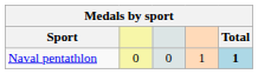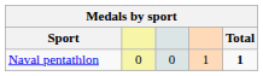 <table class="wikitable" style="font-size:90%; text-align:center;">
 <tr>
 <th colspan="5">Medals by sport</th>
 </tr>
 <tr>
 <th width="120">Sport</th>
 <th scope="col" width="30" style="background:#F7F6A8;"></th>
 <th scope="col" width="30" style="background:#DCE5E5;"></th>
 <th scope="col" width="30" style="background:#FFDAB9;"></th>
 <th width="30">Total</th>
 </tr>
 <tr>
 <td align="left"><a href='#'>Naval pentathlon</a></td>
 <td style="background:#F7F6A8;">0</td>
 <td style="background:#DCE5E5;">0</td>
 <td style="background:#FFDAB9;">1</td>
-<td style="background: lightblue;"><strong>1</strong></td>
+<td><strong>1</strong></td>
 </tr>
 </table>
